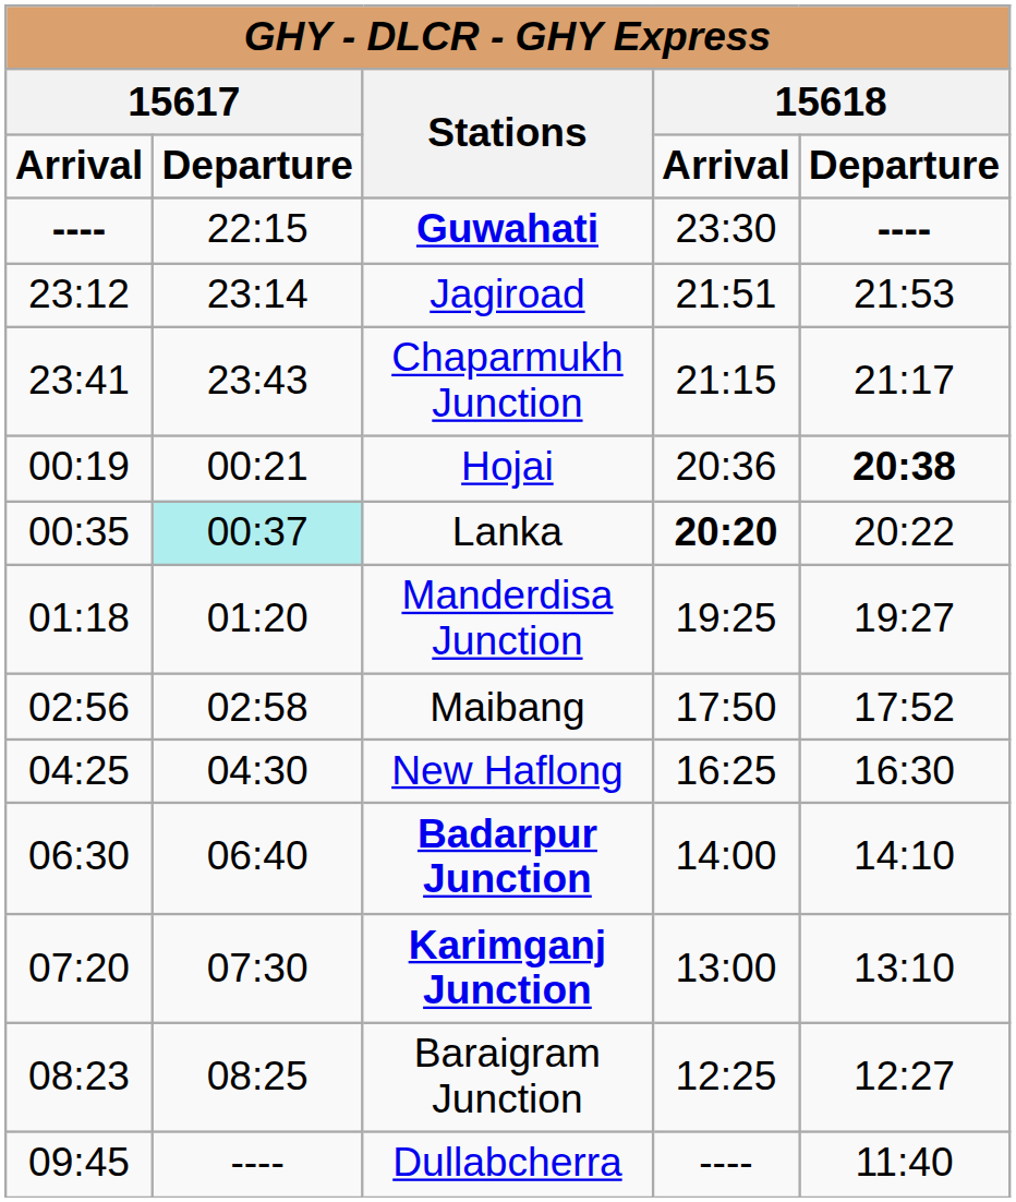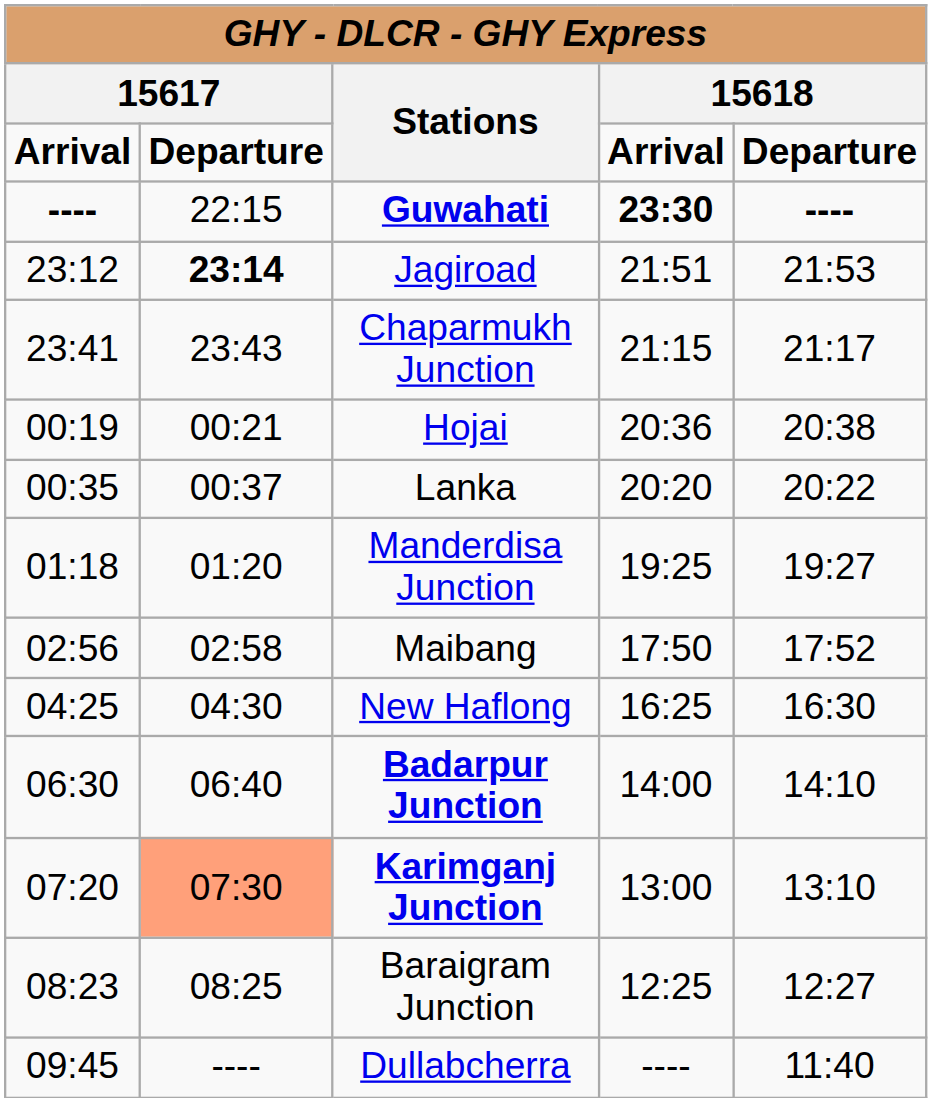 <table class="wikitable" width="45%" style="text-align: center;">
 <tr>
 <th colspan="12" align="center" style="background:#DAA06D;"><span><em>GHY - DLCR - GHY Express</em></span></th>
 </tr>
 <tr>
 <th colspan="2">15617</th>
 <th rowspan="2">Stations</th>
 <th colspan="2">15618</th>
 </tr>
 <tr>
 <td><strong>Arrival</strong></td>
 <td><strong>Departure</strong></td>
 <td><strong>Arrival</strong></td>
 <td><strong>Departure</strong></td>
 </tr>
 <tr>
 <td><strong>----</strong></td>
 <td>22:15</td>
 <td><strong><a href='#'>Guwahati</a></strong></td>
-<td>23:30</td>
+<td><strong>23:30</strong></td>
 <td><strong>----</strong></td>
 </tr>
 <tr>
 <td>23:12</td>
-<td>23:14</td>
+<td><strong>23:14</strong></td>
 <td><a href='#'>Jagiroad</a></td>
 <td>21:51</td>
 <td>21:53</td>
 </tr>
 <tr>
 <td>23:41</td>
 <td>23:43</td>
 <td><a href='#'>Chaparmukh Junction</a></td>
 <td>21:15</td>
 <td>21:17</td>
 </tr>
 <tr>
 <td>00:19</td>
 <td>00:21</td>
 <td><a href='#'>Hojai</a></td>
 <td>20:36</td>
-<td><strong>20:38</strong></td>
+<td>20:38</td>
 </tr>
 <tr>
 <td>00:35</td>
-<td style="background: paleturquoise;">00:37</td>
+<td>00:37</td>
 <td>Lanka</td>
-<td><strong>20:20</strong></td>
+<td>20:20</td>
 <td>20:22</td>
 </tr>
 <tr>
 <td>01:18</td>
 <td>01:20</td>
 <td><a href='#'>Manderdisa Junction</a></td>
 <td>19:25</td>
 <td>19:27</td>
 </tr>
 <tr>
 <td>02:56</td>
 <td>02:58</td>
 <td>Maibang</td>
 <td>17:50</td>
 <td>17:52</td>
 </tr>
 <tr>
 <td>04:25</td>
 <td>04:30</td>
 <td><a href='#'>New Haflong</a></td>
 <td>16:25</td>
 <td>16:30</td>
 </tr>
 <tr>
 <td>06:30</td>
 <td>06:40</td>
 <td><strong><a href='#'>Badarpur Junction</a></strong></td>
 <td>14:00</td>
 <td>14:10</td>
 </tr>
 <tr>
 <td>07:20</td>
-<td>07:30</td>
+<td style="background: lightsalmon;">07:30</td>
 <td><strong><a href='#'>Karimganj Junction</a></strong></td>
 <td>13:00</td>
 <td>13:10</td>
 </tr>
 <tr>
 <td>08:23</td>
 <td>08:25</td>
 <td>Baraigram Junction</td>
 <td>12:25</td>
 <td>12:27</td>
 </tr>
 <tr>
 <td>09:45</td>
 <td>----</td>
 <td><a href='#'>Dullabcherra</a></td>
 <td>----</td>
 <td>11:40</td>
 </tr>
 </table>
